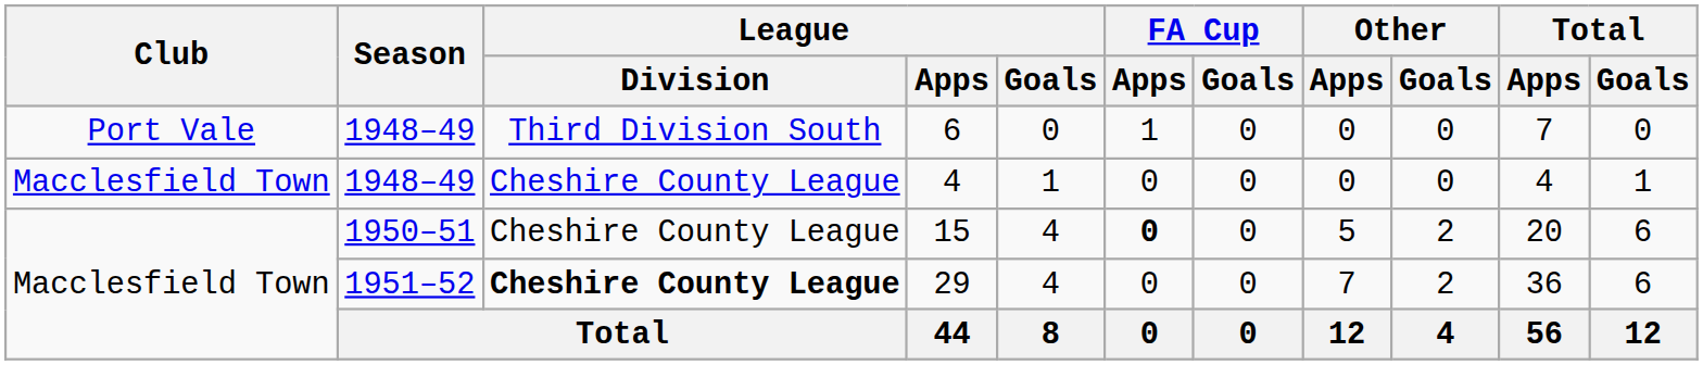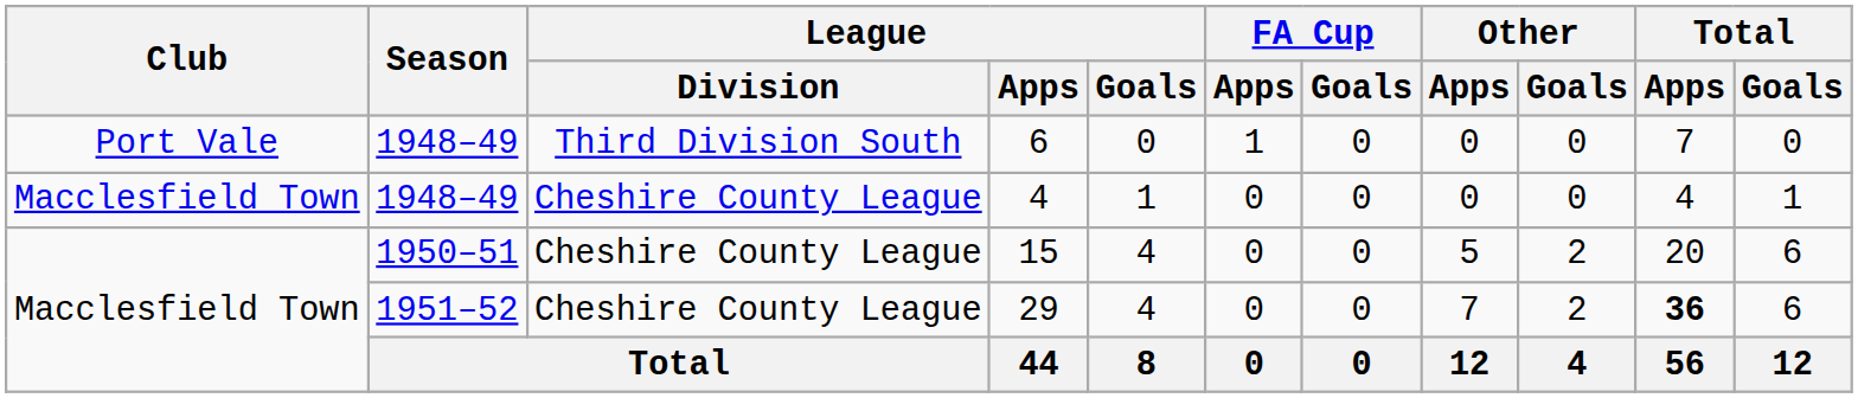 <table class="wikitable" style="text-align:center">
 <tr>
 <th rowspan="2">Club</th>
 <th rowspan="2">Season</th>
 <th colspan="3">League</th>
 <th colspan="2"><a href='#'>FA Cup</a></th>
 <th colspan="2">Other</th>
 <th colspan="2">Total</th>
 </tr>
 <tr>
 <th>Division</th>
 <th>Apps</th>
 <th>Goals</th>
 <th>Apps</th>
 <th>Goals</th>
 <th>Apps</th>
 <th>Goals</th>
 <th>Apps</th>
 <th>Goals</th>
 </tr>
 <tr>
 <td><a href='#'>Port Vale</a></td>
 <td><a href='#'>1948–49</a></td>
 <td><a href='#'>Third Division South</a></td>
 <td>6</td>
 <td>0</td>
 <td>1</td>
 <td>0</td>
 <td>0</td>
 <td>0</td>
 <td>7</td>
 <td>0</td>
 </tr>
 <tr>
 <td><a href='#'>Macclesfield Town</a></td>
 <td><a href='#'>1948–49</a></td>
 <td><a href='#'>Cheshire County League</a></td>
 <td>4</td>
 <td>1</td>
 <td>0</td>
 <td>0</td>
 <td>0</td>
 <td>0</td>
 <td>4</td>
 <td>1</td>
 </tr>
 <tr>
 <td rowspan="3">Macclesfield Town</td>
 <td><a href='#'>1950–51</a></td>
 <td>Cheshire County League</td>
 <td>15</td>
 <td>4</td>
-<td><strong>0</strong></td>
+<td>0</td>
 <td>0</td>
 <td>5</td>
 <td>2</td>
 <td>20</td>
 <td>6</td>
 </tr>
 <tr>
 <td><a href='#'>1951–52</a></td>
-<td><strong>Cheshire County League</strong></td>
+<td>Cheshire County League</td>
 <td>29</td>
 <td>4</td>
 <td>0</td>
 <td>0</td>
 <td>7</td>
 <td>2</td>
-<td>36</td>
+<td><strong>36</strong></td>
 <td>6</td>
 </tr>
 <tr>
 <th colspan="2">Total</th>
 <th>44</th>
 <th>8</th>
 <th>0</th>
 <th>0</th>
 <th>12</th>
 <th>4</th>
 <th>56</th>
 <th>12</th>
 </tr>
 </table>
